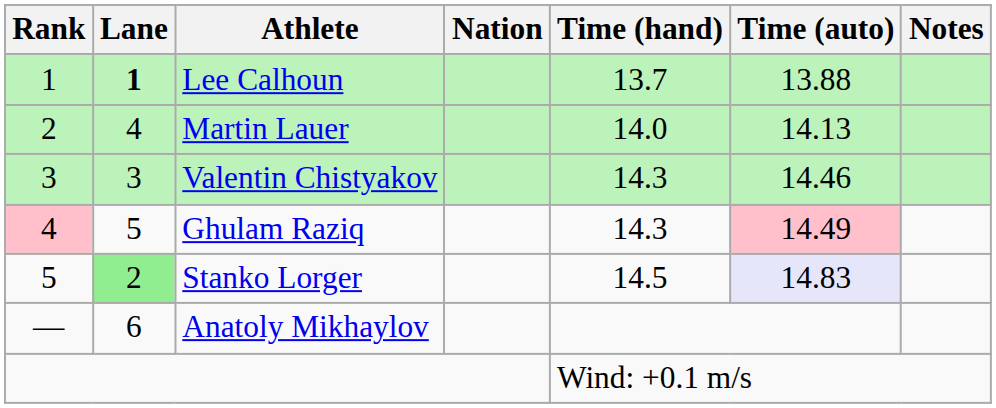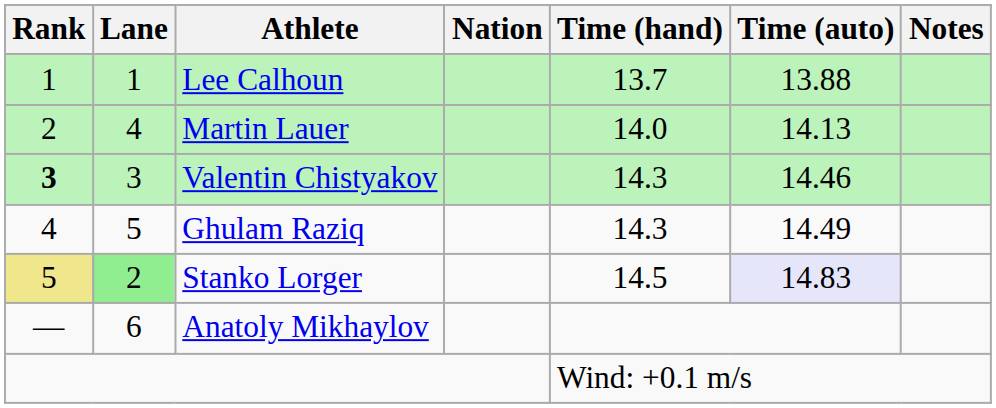 <table class="wikitable sortable" style="text-align:center">
 <tr>
 <th>Rank</th>
 <th>Lane</th>
 <th>Athlete</th>
 <th>Nation</th>
 <th>Time (hand)</th>
 <th>Time (auto)</th>
 <th>Notes</th>
 </tr>
 <tr bgcolor=bbf3bb>
 <td>1</td>
-<td><strong>1</strong></td>
+<td>1</td>
 <td align=left><a href='#'>Lee Calhoun</a></td>
 <td align=left></td>
 <td>13.7</td>
 <td>13.88</td>
 <td></td>
 </tr>
 <tr bgcolor=bbf3bb>
 <td>2</td>
 <td>4</td>
 <td align=left><a href='#'>Martin Lauer</a></td>
 <td align=left></td>
 <td>14.0</td>
 <td>14.13</td>
 <td></td>
 </tr>
 <tr bgcolor=bbf3bb>
-<td>3</td>
+<td><strong>3</strong></td>
 <td>3</td>
 <td align=left><a href='#'>Valentin Chistyakov</a></td>
 <td align=left></td>
 <td>14.3</td>
 <td>14.46</td>
 <td></td>
 </tr>
 <tr>
-<td style="background: pink;">4</td>
+<td>4</td>
 <td>5</td>
 <td align=left><a href='#'>Ghulam Raziq</a></td>
 <td align=left></td>
 <td>14.3</td>
-<td style="background: pink;">14.49</td>
+<td>14.49</td>
 <td></td>
 </tr>
 <tr>
-<td>5</td>
+<td style="background: khaki;">5</td>
 <td style="background: lightgreen;">2</td>
 <td align=left><a href='#'>Stanko Lorger</a></td>
 <td align=left></td>
 <td>14.5</td>
 <td style="background: lavender;">14.83</td>
 <td></td>
 </tr>
 <tr>
 <td data-sort-value=6>—</td>
 <td>6</td>
 <td align=left><a href='#'>Anatoly Mikhaylov</a></td>
 <td align=left></td>
 <td colspan=2></td>
 <td></td>
 </tr>
 <tr class="sortbottom">
 <td colspan=4></td>
 <td colspan="3" style="text-align:left;">Wind: +0.1 m/s</td>
 </tr>
 </table>
